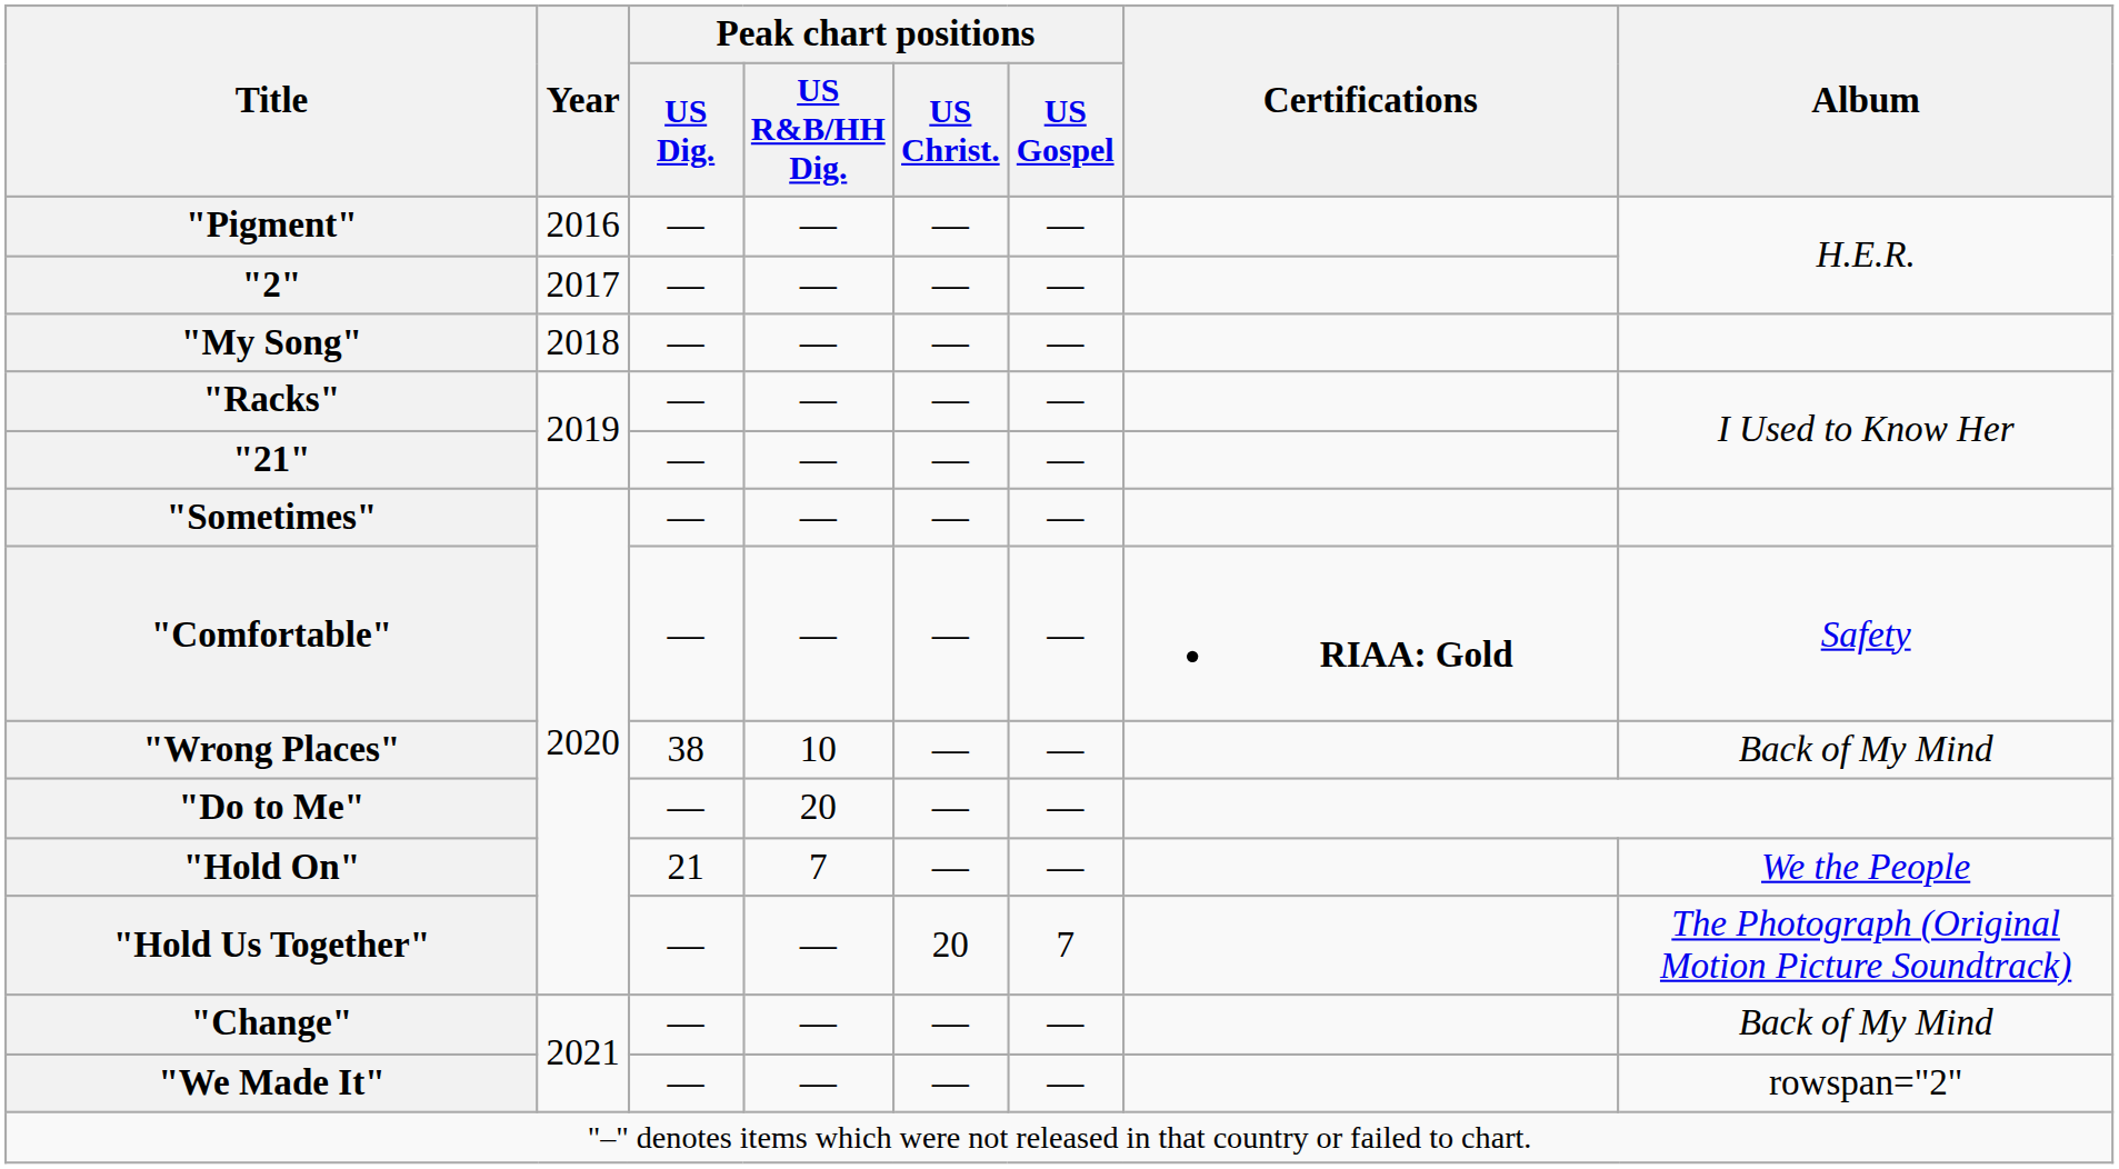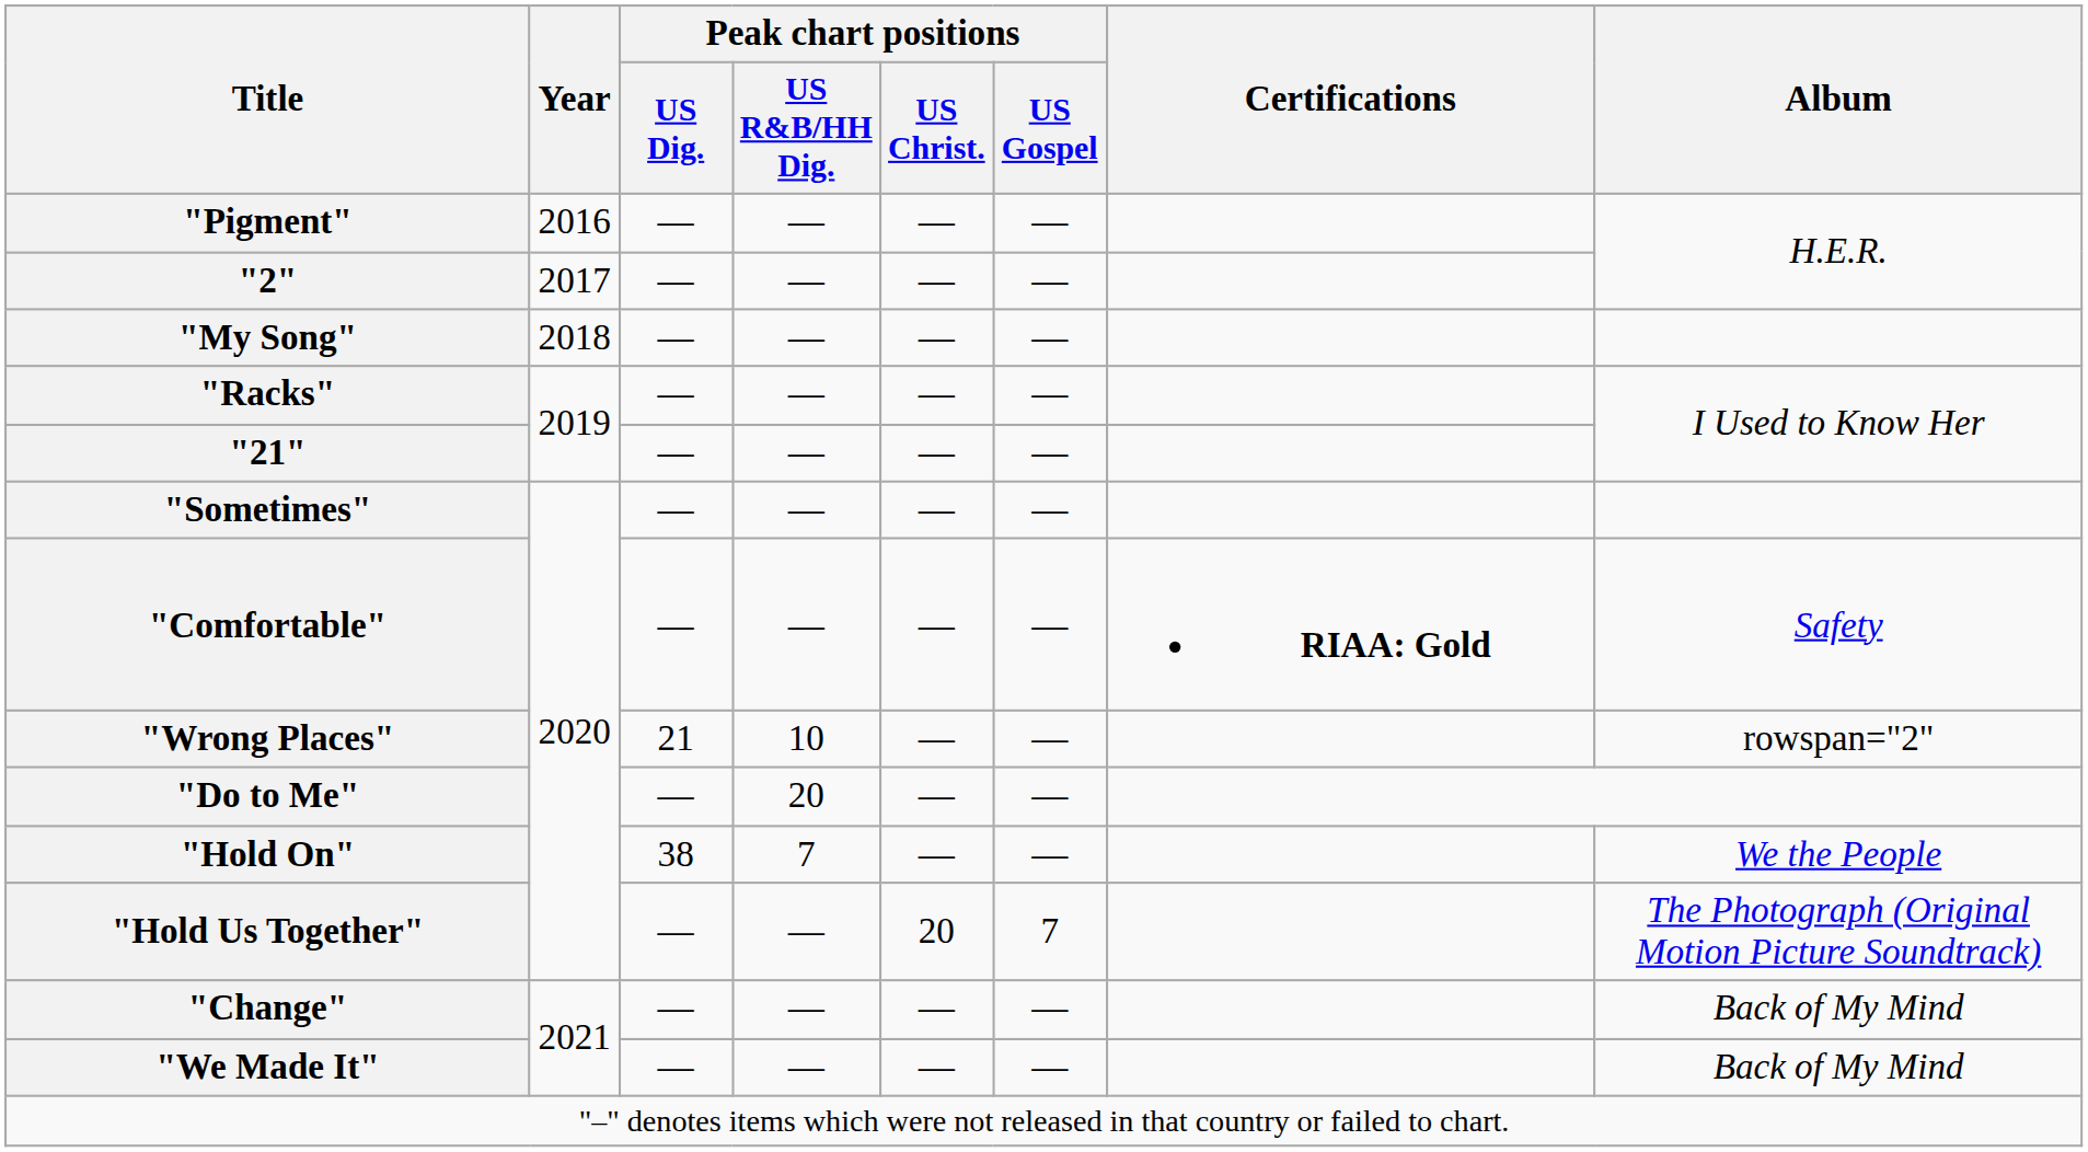 <table class="wikitable plainrowheaders" style="text-align:center;">
 <tr>
 <th scope="col" rowspan="2" style="width:14em;">Title</th>
 <th scope="col" rowspan="2" style="width:1em;">Year</th>
 <th scope="col" colspan="4">Peak chart positions</th>
 <th scope="col" rowspan="2" style="width:13em;">Certifications</th>
 <th scope="col" rowspan="2" style="width:13em;">Album</th>
 </tr>
 <tr>
 <th scope="col" style="width:3em;font-size:90%;"><a href='#'>US<br>Dig.</a><br></th>
 <th scope="col" style="width:3em;font-size:90%;"><a href='#'>US<br>R&B/HH<br>Dig.</a><br></th>
 <th scope="col" style="width:3em;font-size:90%;"><a href='#'>US<br>Christ.</a><br></th>
 <th scope="col" style="width:3em;font-size:90%;"><a href='#'>US<br>Gospel</a><br></th>
 </tr>
 <tr>
 <th scope="row">"Pigment"</th>
 <td>2016</td>
 <td>—</td>
 <td>—</td>
 <td>—</td>
 <td>—</td>
 <td></td>
 <td rowspan="2"><em>H.E.R.</em></td>
 </tr>
 <tr>
 <th scope="row">"2"</th>
 <td>2017</td>
 <td>—</td>
 <td>—</td>
 <td>—</td>
 <td>—</td>
 </tr>
 <tr>
 <th scope="row">"My Song"</th>
 <td>2018</td>
 <td>—</td>
 <td>—</td>
 <td>—</td>
 <td>—</td>
 <td></td>
 <td></td>
 </tr>
 <tr>
 <th scope="row">"Racks"<br></th>
 <td rowspan="2">2019</td>
 <td>—</td>
 <td>—</td>
 <td>—</td>
 <td>—</td>
 <td></td>
 <td rowspan="2"><em>I Used to Know Her</em></td>
 </tr>
 <tr>
 <th scope="row">"21"</th>
 <td>—</td>
 <td>—</td>
 <td>—</td>
 <td>—</td>
 </tr>
 <tr>
 <th scope="row">"Sometimes"</th>
 <td rowspan="6">2020</td>
 <td>—</td>
 <td>—</td>
 <td>—</td>
 <td>—</td>
 <td></td>
 <td></td>
 </tr>
 <tr>
 <th scope="row">"Comfortable"</th>
 <td>—</td>
 <td>—</td>
 <td>—</td>
 <td>—</td>
 <td><strong><br><ul><li>RIAA: Gold</li></ul></strong></td>
 <td><em><a href='#'>Safety</a></em></td>
 </tr>
 <tr>
 <th scope="row">"Wrong Places"</th>
-<td>38</td>
+<td>21</td>
 <td>10</td>
 <td>—</td>
 <td>—</td>
 <td></td>
-<td><em>Back of My Mind</em></td>
+<td>rowspan="2" </td>
 </tr>
 <tr>
 <th scope="row">"Do to Me"</th>
 <td>—</td>
 <td>20</td>
 <td>—</td>
 <td>—</td>
 </tr>
 <tr>
 <th scope="row">"Hold On"</th>
-<td>21</td>
+<td>38</td>
 <td>7</td>
 <td>—</td>
 <td>—</td>
 <td></td>
 <td><em><a href='#'>We the People</a></em></td>
 </tr>
 <tr>
 <th scope="row">"Hold Us Together"<br></th>
 <td>—</td>
 <td>—</td>
 <td>20</td>
 <td>7</td>
 <td></td>
 <td><em><a href='#'>The Photograph (Original Motion Picture Soundtrack)</a></em></td>
 </tr>
 <tr>
 <th scope="row">"Change"</th>
 <td rowspan="2">2021</td>
 <td>—</td>
 <td>—</td>
 <td>—</td>
 <td>—</td>
 <td></td>
 <td><em>Back of My Mind</em></td>
 </tr>
 <tr>
 <th scope="row">"We Made It"</th>
 <td>—</td>
 <td>—</td>
 <td>—</td>
 <td>—</td>
 <td></td>
-<td>rowspan="2" </td>
+<td><em>Back of My Mind</em></td>
 </tr>
 <tr>
 <td colspan="15" style="font-size:85%;">"–" denotes items which were not released in that country or failed to chart.</td>
 </tr>
 </table>
